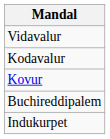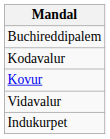 <table class="wikitable sortable static-row-numbers static-row-header-hash">
 <tr>
 <th>Mandal</th>
 </tr>
 <tr>
-<td>Vidavalur</td>
+<td>Buchireddipalem</td>
 </tr>
 <tr>
 <td>Kodavalur</td>
 </tr>
 <tr>
 <td><a href='#'>Kovur</a></td>
 </tr>
 <tr>
-<td>Buchireddipalem</td>
+<td>Vidavalur</td>
 </tr>
 <tr>
 <td>Indukurpet</td>
 </tr>
 </table>
